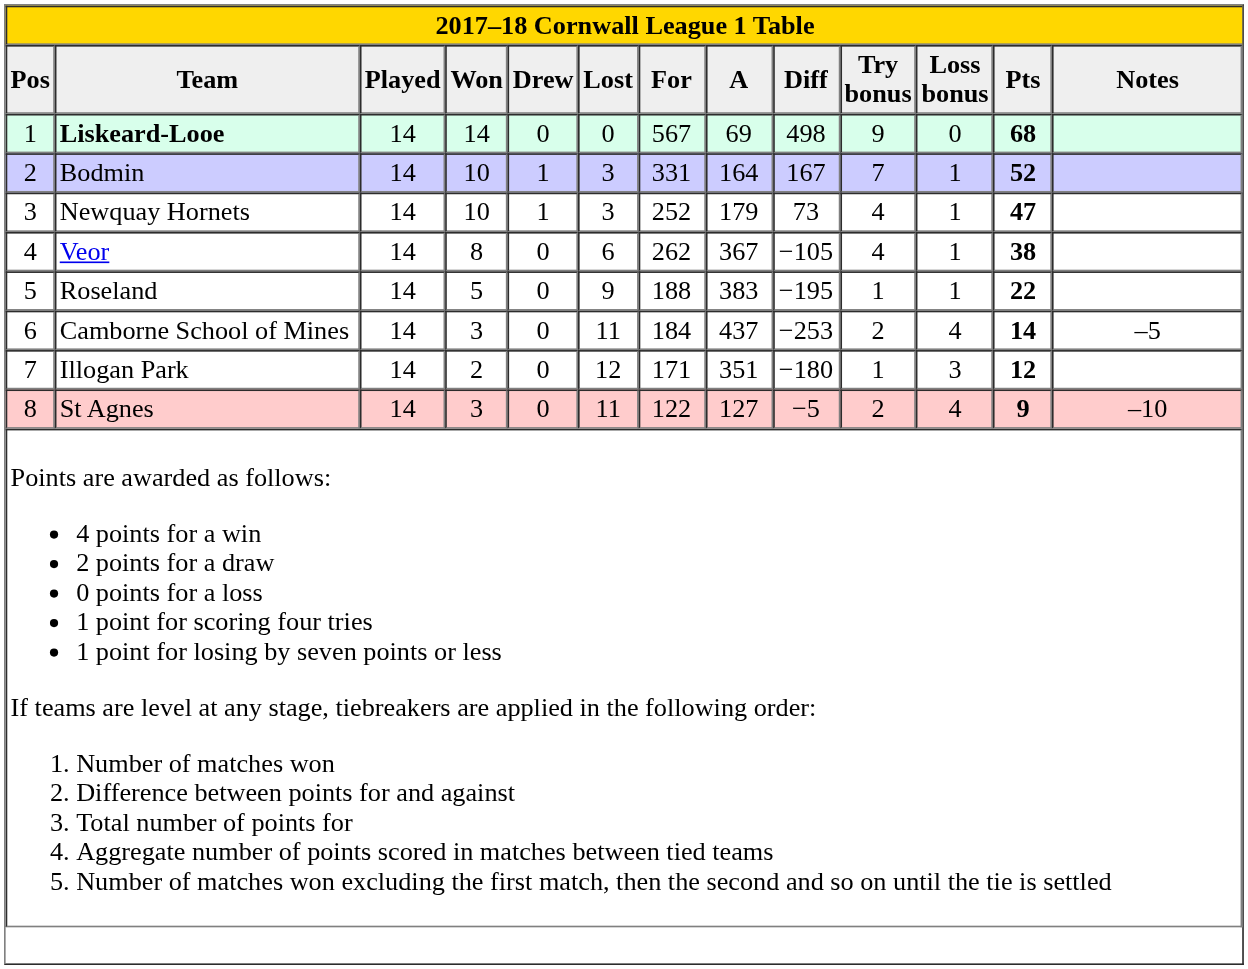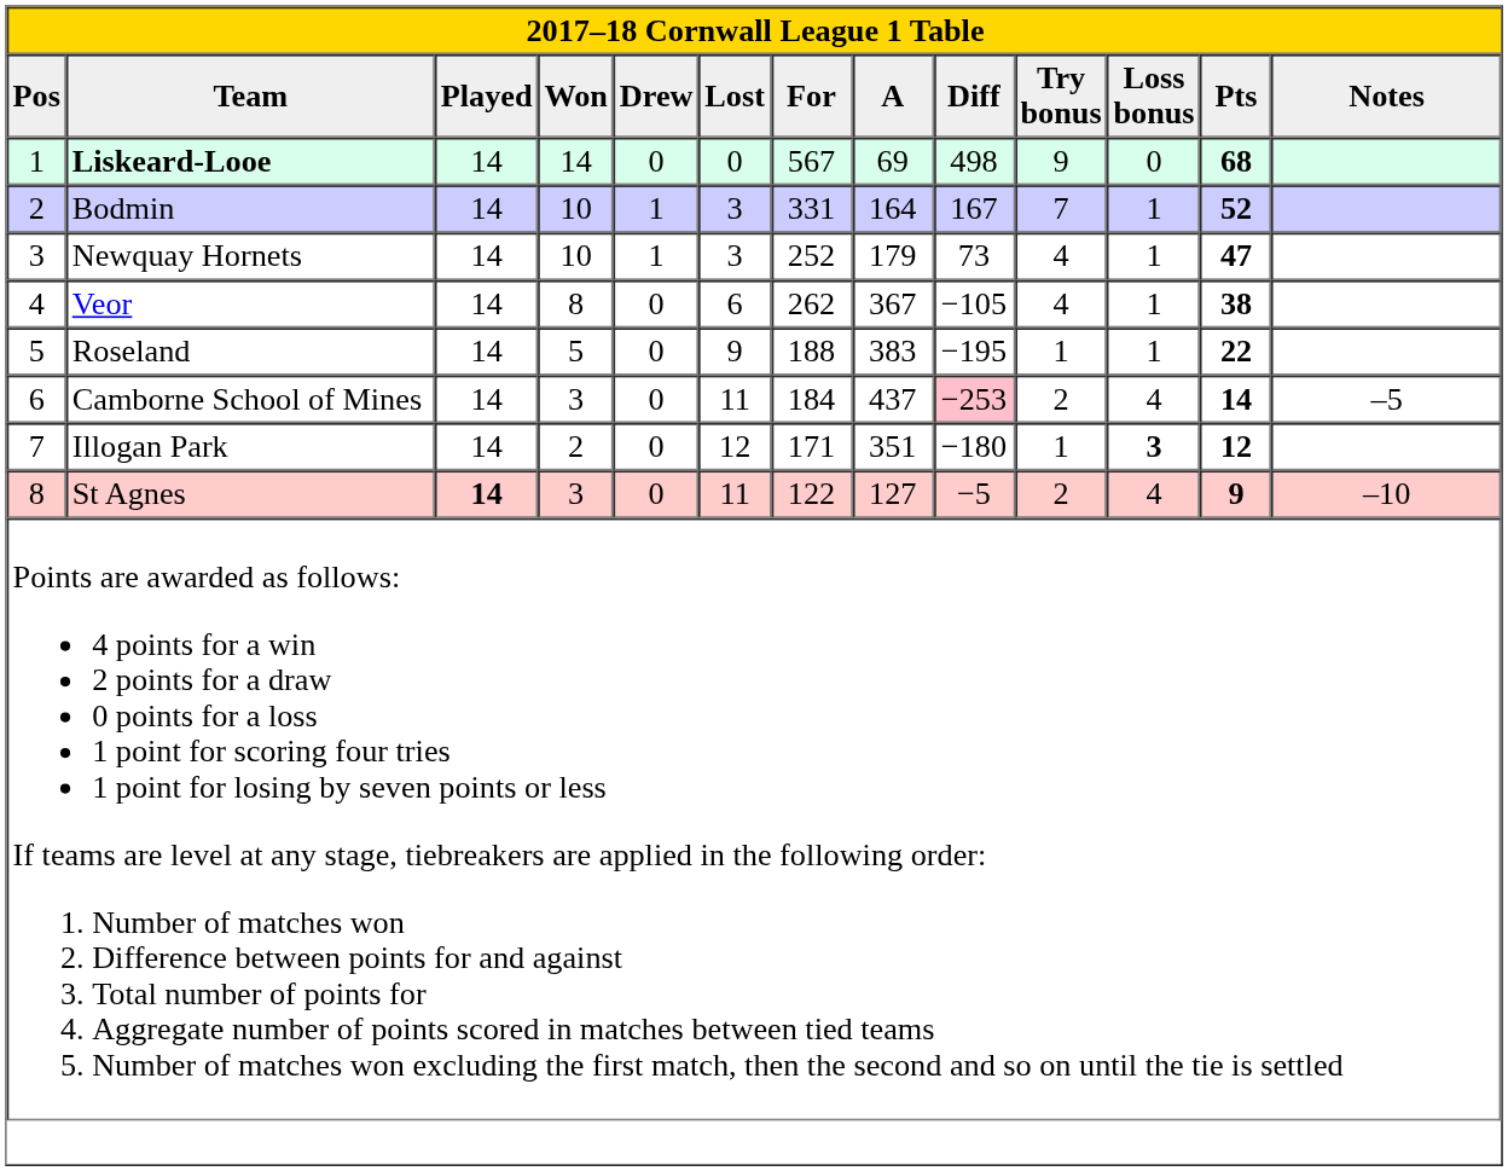 <table border="1" cellpadding="2" cellspacing="0">
 <tr bgcolor="gold">
 <th colspan=13 style="border-right:0px;";>2017–18 Cornwall League 1 Table</th>
 </tr>
 <tr bgcolor="#efefef">
 <th width="20">Pos</th>
 <th width="180">Team</th>
 <th width="25">Played</th>
 <th width="25">Won</th>
 <th width="25">Drew</th>
 <th width="25">Lost</th>
 <th width="35">For</th>
 <th width="35">A</th>
 <th width="35">Diff</th>
 <th width="35">Try bonus</th>
 <th width="35">Loss bonus</th>
 <th width="30">Pts</th>
 <th width="110">Notes</th>
 </tr>
 <tr bgcolor=#d8ffeb align=center>
 <td>1</td>
 <td align=left><strong>Liskeard-Looe</strong></td>
 <td>14</td>
 <td>14</td>
 <td>0</td>
 <td>0</td>
 <td>567</td>
 <td>69</td>
 <td>498</td>
 <td>9</td>
 <td>0</td>
 <td><strong>68</strong></td>
 <td></td>
 </tr>
 <tr bgcolor=#ccccff align=center>
 <td>2</td>
 <td align=left>Bodmin</td>
 <td>14</td>
 <td>10</td>
 <td>1</td>
 <td>3</td>
 <td>331</td>
 <td>164</td>
 <td>167</td>
 <td>7</td>
 <td>1</td>
 <td><strong>52</strong></td>
 <td></td>
 </tr>
 <tr align=center>
 <td>3</td>
 <td align=left>Newquay Hornets</td>
 <td>14</td>
 <td>10</td>
 <td>1</td>
 <td>3</td>
 <td>252</td>
 <td>179</td>
 <td>73</td>
 <td>4</td>
 <td>1</td>
 <td><strong>47</strong></td>
 <td></td>
 </tr>
 <tr align=center>
 <td>4</td>
 <td align=left><a href='#'>Veor</a></td>
 <td>14</td>
 <td>8</td>
 <td>0</td>
 <td>6</td>
 <td>262</td>
 <td>367</td>
 <td>−105</td>
 <td>4</td>
 <td>1</td>
 <td><strong>38</strong></td>
 <td></td>
 </tr>
 <tr align=center>
 <td>5</td>
 <td align=left>Roseland</td>
 <td>14</td>
 <td>5</td>
 <td>0</td>
 <td>9</td>
 <td>188</td>
 <td>383</td>
 <td>−195</td>
 <td>1</td>
 <td>1</td>
 <td><strong>22</strong></td>
 <td></td>
 </tr>
 <tr align=center>
 <td>6</td>
 <td align=left>Camborne School of Mines</td>
 <td>14</td>
 <td>3</td>
 <td>0</td>
 <td>11</td>
 <td>184</td>
 <td>437</td>
-<td>−253</td>
+<td style="background: pink;">−253</td>
 <td>2</td>
 <td>4</td>
 <td><strong>14</strong></td>
 <td>–5</td>
 </tr>
 <tr align=center>
 <td>7</td>
 <td align=left>Illogan Park</td>
 <td>14</td>
 <td>2</td>
 <td>0</td>
 <td>12</td>
 <td>171</td>
 <td>351</td>
 <td>−180</td>
 <td>1</td>
-<td>3</td>
+<td><strong>3</strong></td>
 <td><strong>12</strong></td>
 <td></td>
 </tr>
 <tr bgcolor=#ffcccc align=center>
 <td>8</td>
 <td align=left>St Agnes</td>
-<td>14</td>
+<td><strong>14</strong></td>
 <td>3</td>
 <td>0</td>
 <td>11</td>
 <td>122</td>
 <td>127</td>
 <td>−5</td>
 <td>2</td>
 <td>4</td>
 <td><strong>9</strong></td>
 <td>–10</td>
 </tr>
 <tr align=center>
 </tr>
 <tr bgcolor=#ffffff>
 <td colspan="13"><br>Points are awarded as follows:<ul><li>4 points for a win</li><li>2 points for a draw</li><li>0 points for a loss</li><li>1 point for scoring four tries</li><li>1 point for losing by seven points or less</li></ul>If teams are level at any stage, tiebreakers are applied in the following order:<ol><li>Number of matches won</li><li>Difference between points for and against</li><li>Total number of points for</li><li>Aggregate number of points scored in matches between tied teams</li><li>Number of matches won excluding the first match, then the second and so on until the tie is settled</li></ol></td>
 </tr>
 <tr |align=left|>
 <td colspan="15" style="border:0px"><br></td>
 </tr>
 </table>
